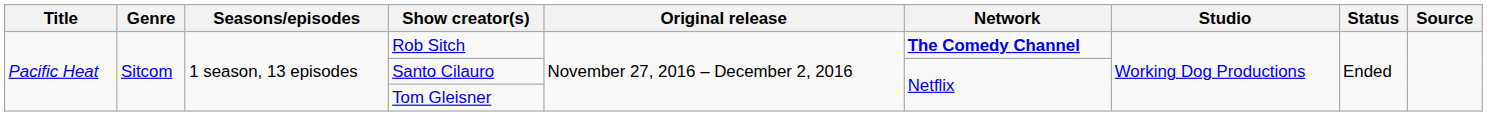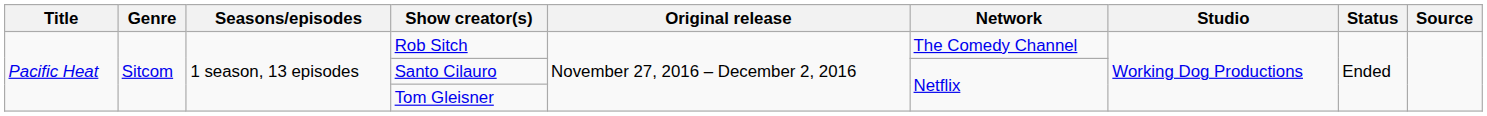 <table class="wikitable sortable" style="text-align: left; font-size:90%; width:100%;">
 <tr>
 <th scope="col">Title</th>
 <th scope="col">Genre</th>
 <th scope="col">Seasons/episodes</th>
 <th scope="col">Show creator(s)</th>
 <th scope="col">Original release</th>
 <th scope="col">Network</th>
 <th scope="col">Studio</th>
 <th scope="col">Status</th>
 <th scope="col">Source</th>
 </tr>
 <tr>
 <td rowspan="3"><em><a href='#'>Pacific Heat</a></em></td>
 <td rowspan="3"><a href='#'>Sitcom</a></td>
 <td rowspan="3">1 season, 13 episodes</td>
 <td><a href='#'>Rob Sitch</a></td>
 <td rowspan="3">November 27, 2016 – December 2, 2016</td>
-<td><strong><a href='#'>The Comedy Channel</a></strong></td>
+<td><a href='#'>The Comedy Channel</a></td>
 <td rowspan="3"><a href='#'>Working Dog Productions</a></td>
 <td rowspan="3">Ended</td>
 <td rowspan="3"></td>
 </tr>
 <tr>
 <td><a href='#'>Santo Cilauro</a></td>
 <td rowspan="2"><a href='#'>Netflix</a></td>
 </tr>
 <tr>
 <td><a href='#'>Tom Gleisner</a></td>
 </tr>
 </table>
